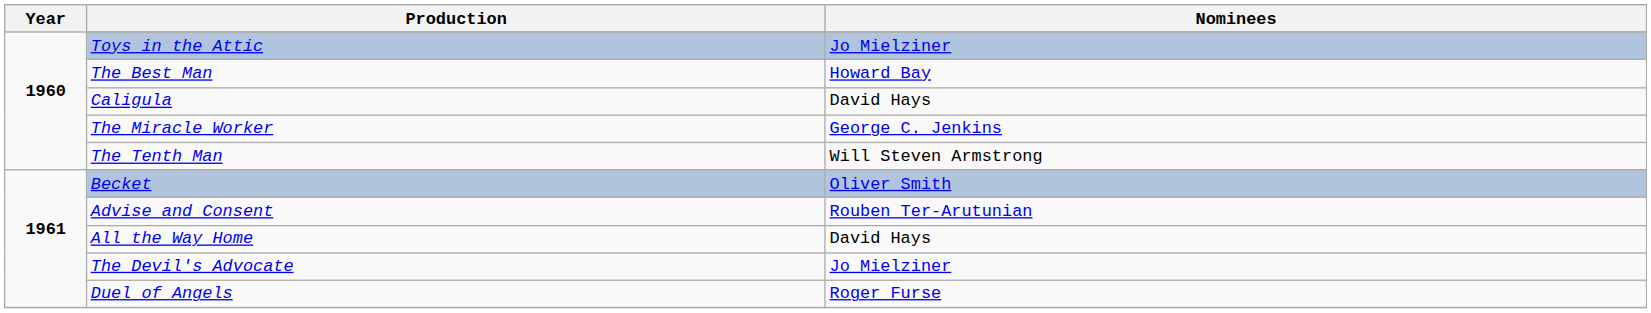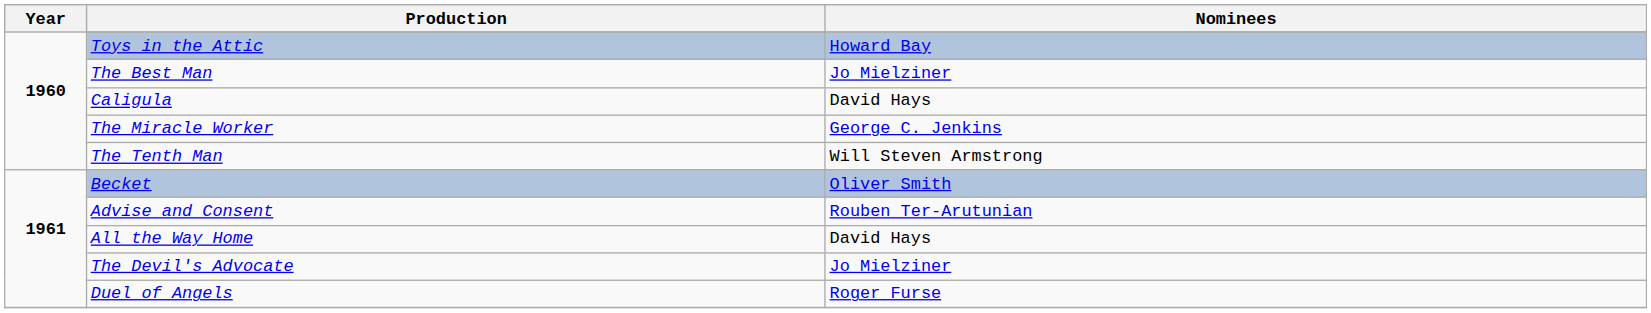 <table class="wikitable" style="width:100%;">
 <tr style="background:#bebebe;">
 <th style="width:5%;">Year</th>
 <th style="width:45%;”">Production</th>
 <th style="width:50%;”">Nominees</th>
 </tr>
 <tr>
 <td rowspan="6" align="center"><strong>1960</strong><br><br></td>
 </tr>
 <tr style="background:#B0C4DE;">
 <td><em><a href='#'>Toys in the Attic</a></em></td>
-<td><a href='#'>Jo Mielziner</a></td>
+<td><a href='#'>Howard Bay</a></td>
 </tr>
 <tr>
 <td><em><a href='#'>The Best Man</a></em></td>
-<td><a href='#'>Howard Bay</a></td>
+<td><a href='#'>Jo Mielziner</a></td>
 </tr>
 <tr>
 <td><em><a href='#'>Caligula</a></em></td>
 <td>David Hays</td>
 </tr>
 <tr>
 <td><em><a href='#'>The Miracle Worker</a></em></td>
 <td><a href='#'>George C. Jenkins</a></td>
 </tr>
 <tr>
 <td><em><a href='#'>The Tenth Man</a></em></td>
 <td>Will Steven Armstrong</td>
 </tr>
 <tr>
 <td rowspan="6" align="center"><strong>1961</strong><br><br></td>
 </tr>
 <tr style="background:#B0C4DE;">
 <td><em><a href='#'>Becket</a></em></td>
 <td><a href='#'>Oliver Smith</a></td>
 </tr>
 <tr>
 <td><em><a href='#'>Advise and Consent</a></em></td>
 <td><a href='#'>Rouben Ter-Arutunian</a></td>
 </tr>
 <tr>
 <td><em><a href='#'>All the Way Home</a></em></td>
 <td>David Hays</td>
 </tr>
 <tr>
 <td><em><a href='#'>The Devil's Advocate</a></em></td>
 <td><a href='#'>Jo Mielziner</a></td>
 </tr>
 <tr>
 <td><em><a href='#'>Duel of Angels</a></em></td>
 <td><a href='#'>Roger Furse</a></td>
 </tr>
 <tr>
 </tr>
 </table>
